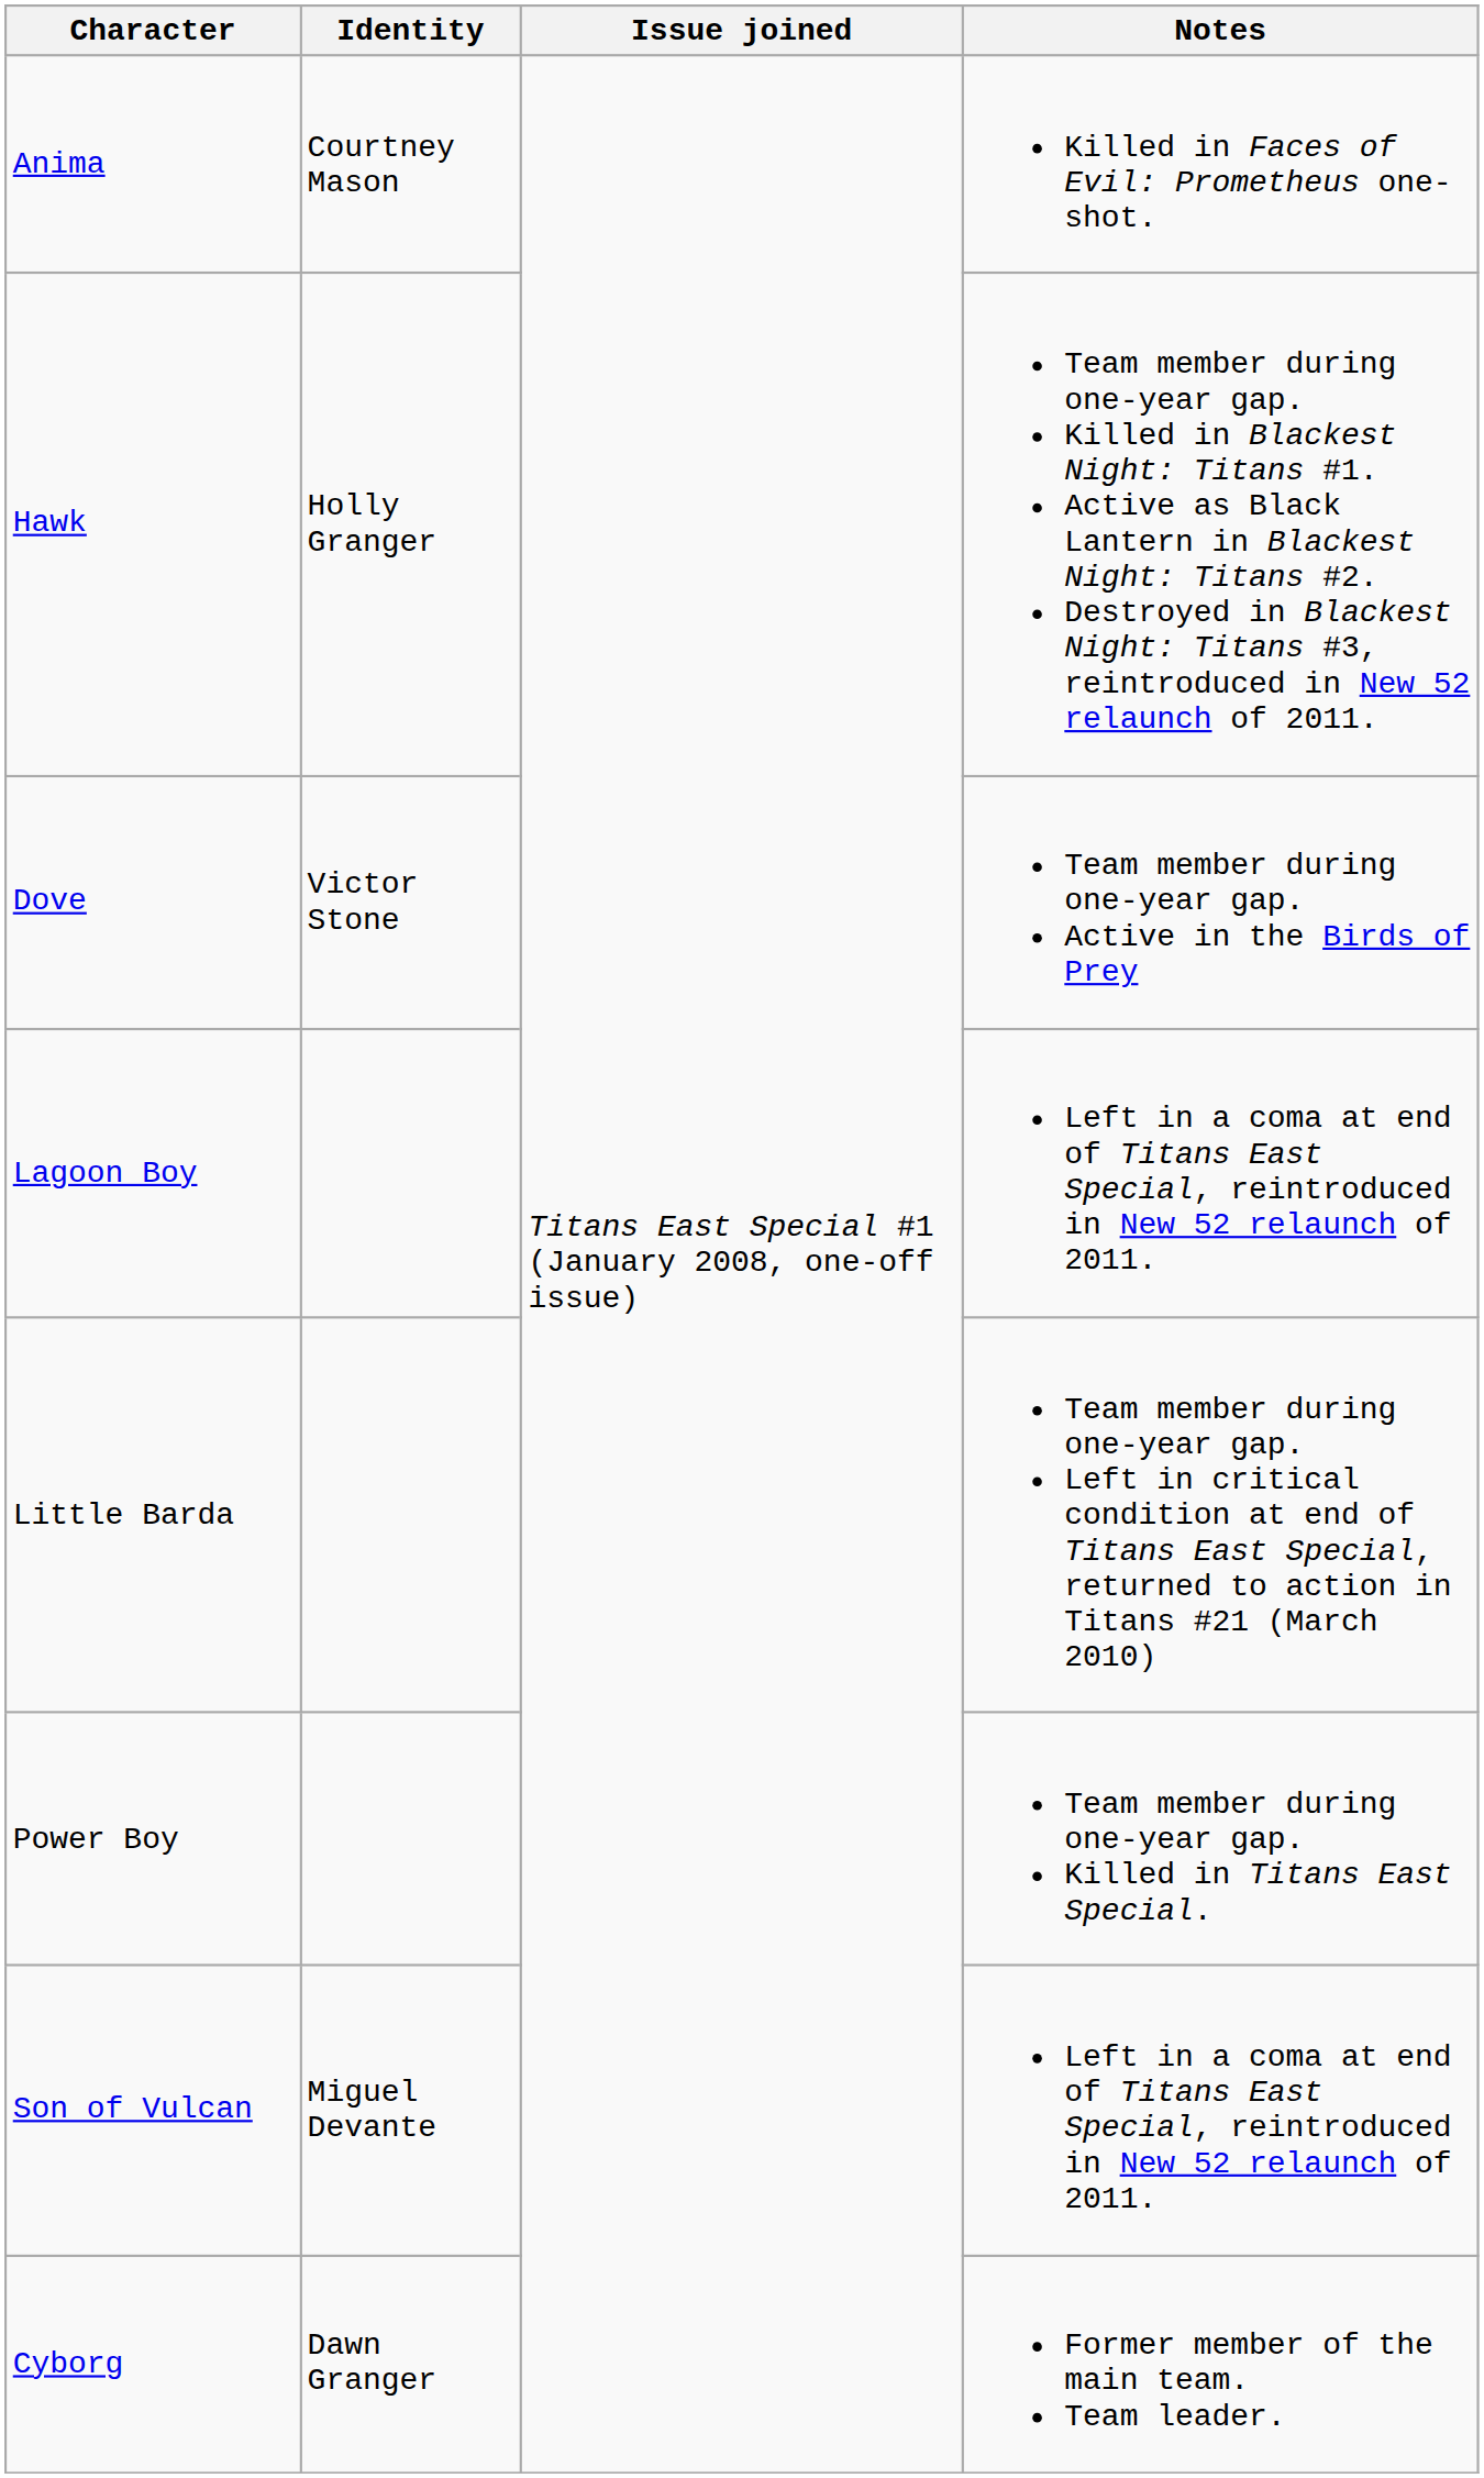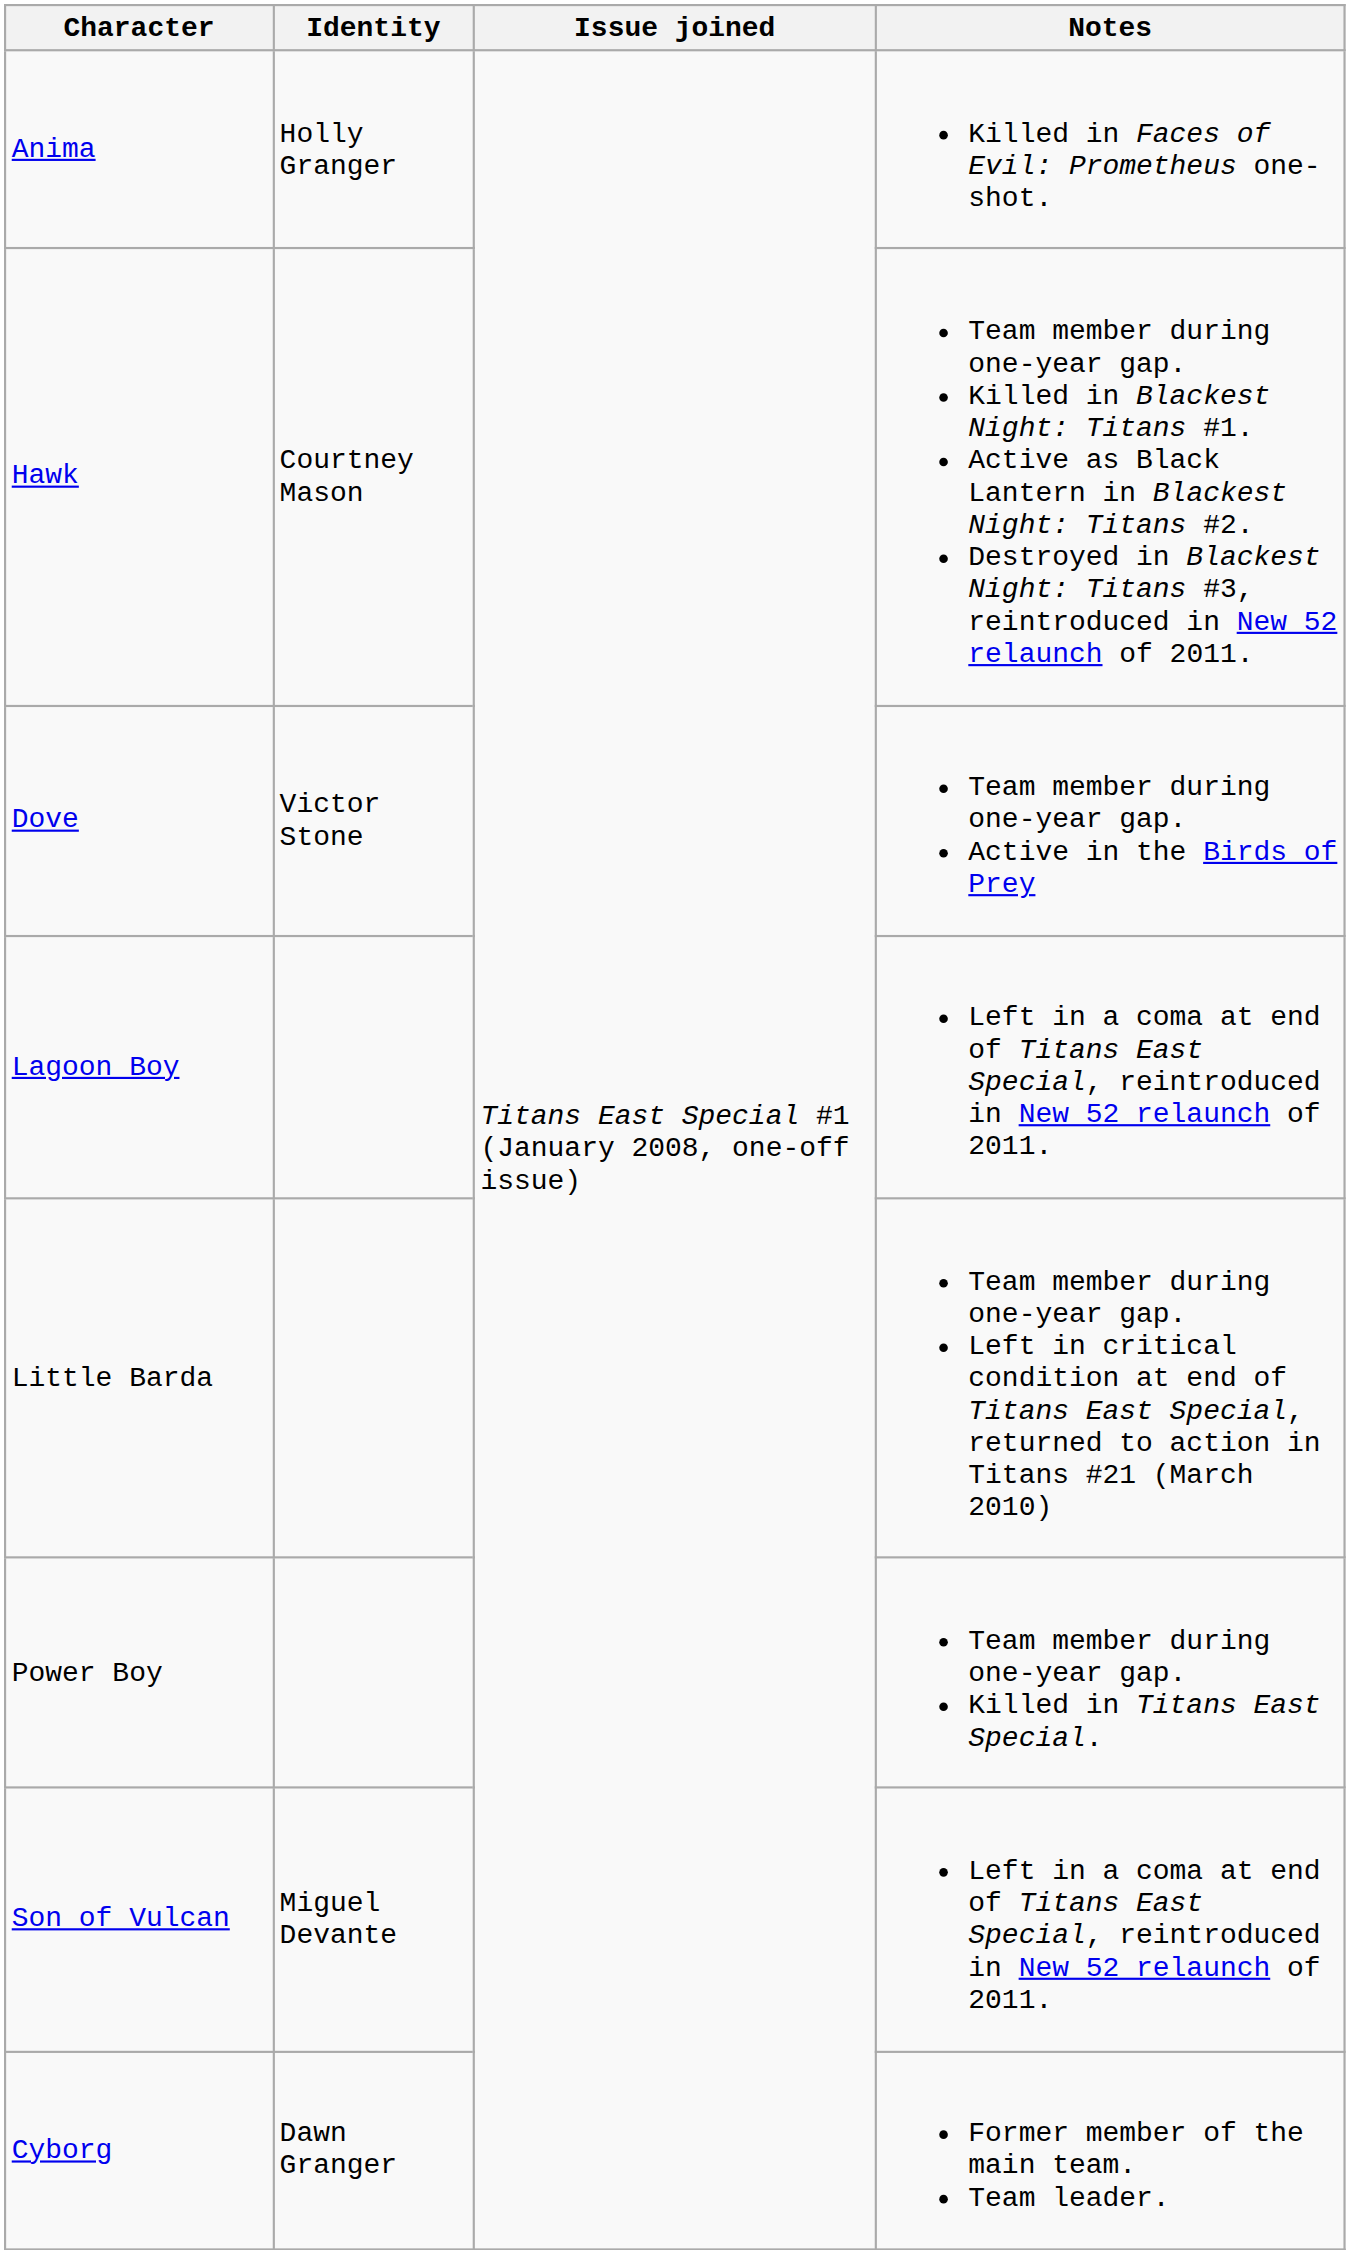 <table class="wikitable" width=100%>
 <tr>
 <th width=20%>Character</th>
 <th width=15%>Identity</th>
 <th width=30%>Issue joined</th>
 <th width=35%>Notes</th>
 </tr>
 <tr>
 <td valign="center"><a href='#'>Anima</a></td>
-<td valign="center">Courtney Mason</td>
+<td valign="center">Holly Granger</td>
 <td rowspan="8"><em>Titans East Special</em> #1 (January 2008, one-off issue)</td>
 <td><br><ul><li>Killed in <em>Faces of Evil: Prometheus</em> one-shot.</li></ul></td>
 </tr>
 <tr>
 <td valign="center"><a href='#'>Hawk</a></td>
-<td valign="center">Holly Granger</td>
+<td valign="center">Courtney Mason</td>
 <td valign="center"><br><ul><li>Team member during one-year gap.</li><li>Killed in <em>Blackest Night: Titans</em> #1.</li><li>Active as Black Lantern in <em>Blackest Night: Titans</em> #2.</li><li>Destroyed in <em>Blackest Night: Titans</em> #3, reintroduced in <a href='#'>New 52 relaunch</a> of 2011.</li></ul></td>
 </tr>
 <tr>
 <td valign="center"><a href='#'>Dove</a></td>
 <td valign="center">Victor Stone</td>
 <td valign="center"><br><ul><li>Team member during one-year gap.</li><li>Active in the <a href='#'>Birds of Prey</a></li></ul></td>
 </tr>
 <tr>
 <td valign="center"><a href='#'>Lagoon Boy</a></td>
 <td valign="center"></td>
 <td valign="center"><br><ul><li>Left in a coma at end of <em>Titans East Special</em>, reintroduced in <a href='#'>New 52 relaunch</a> of 2011.</li></ul></td>
 </tr>
 <tr>
 <td valign="center">Little Barda</td>
 <td valign="center"></td>
 <td valign="center"><br><ul><li>Team member during one-year gap.</li><li>Left in critical condition at end of <em>Titans East Special</em>, returned to action in Titans #21 (March 2010)</li></ul></td>
 </tr>
 <tr>
 <td valign="center">Power Boy</td>
 <td valign="center"></td>
 <td valign="center"><br><ul><li>Team member during one-year gap.</li><li>Killed in <em>Titans East Special</em>.</li></ul></td>
 </tr>
 <tr>
 <td valign="center"><a href='#'>Son of Vulcan</a></td>
 <td valign="center">Miguel Devante</td>
 <td valign="center"><br><ul><li>Left in a coma at end of <em>Titans East Special</em>, reintroduced in <a href='#'>New 52 relaunch</a> of 2011.</li></ul></td>
 </tr>
 <tr>
 <td valign="center"><a href='#'>Cyborg</a></td>
 <td valign="center">Dawn Granger</td>
 <td valign="center"><br><ul><li>Former member of the main team.</li><li>Team leader.</li></ul></td>
 </tr>
 <tr>
 </tr>
 </table>
